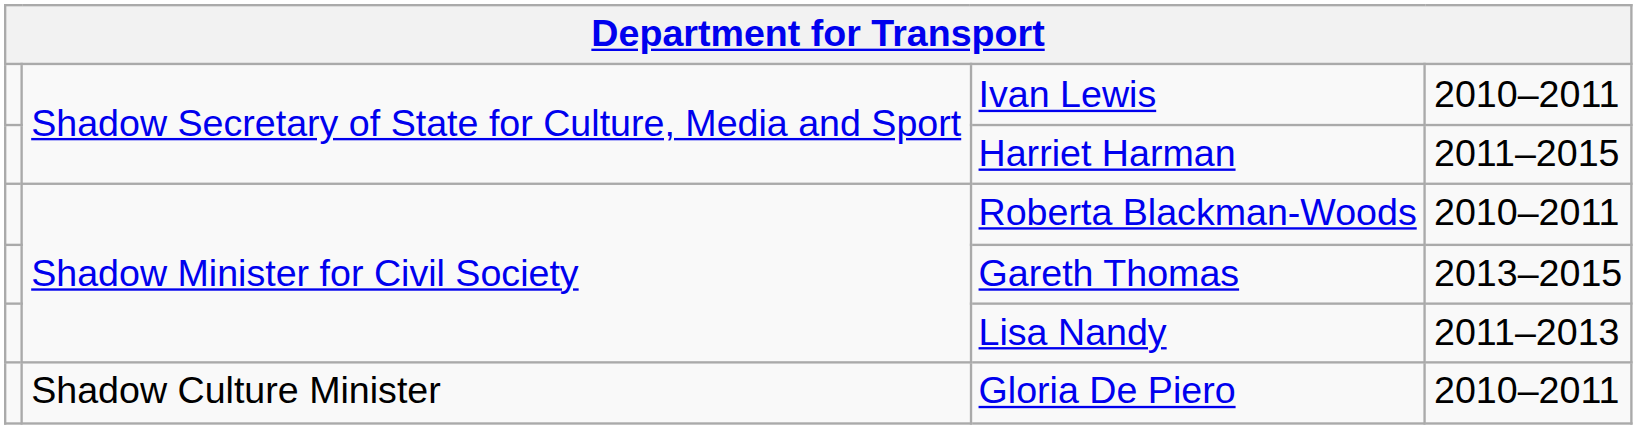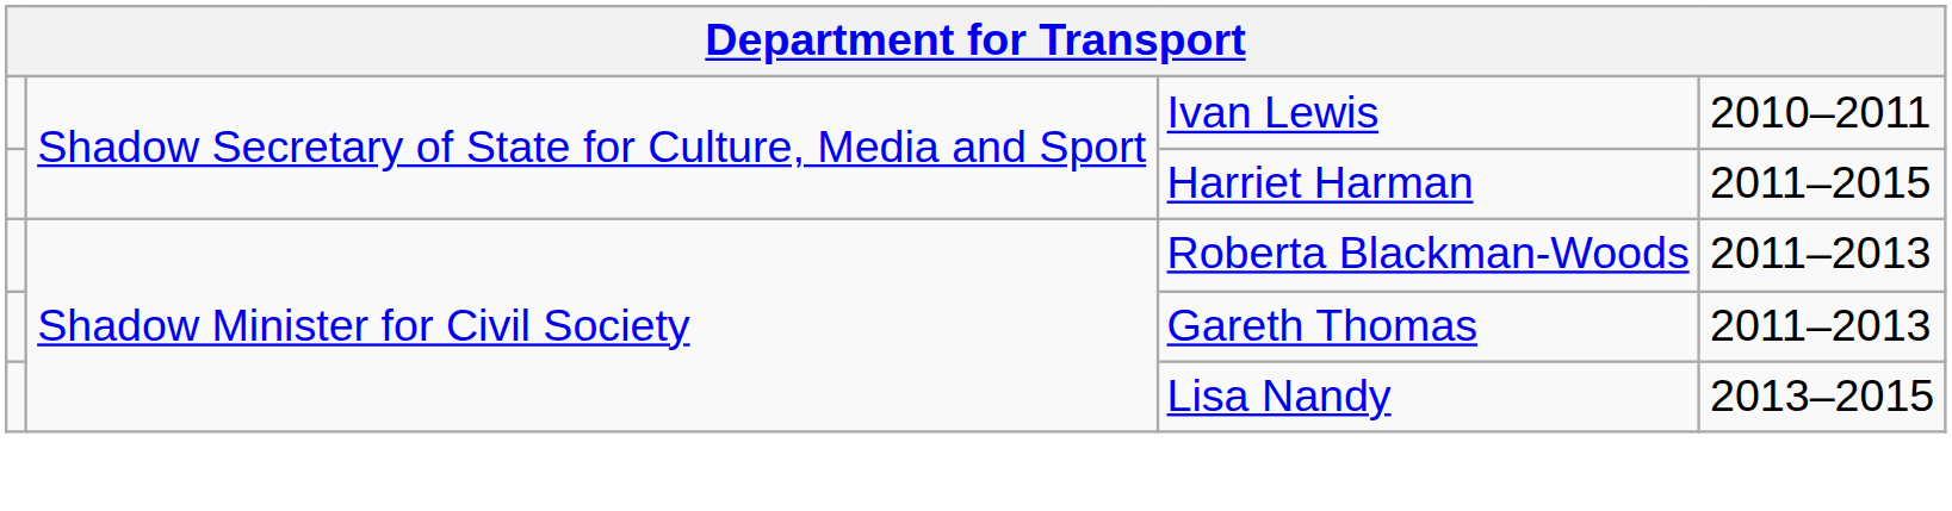 <table class="wikitable">
 <tr>
 <th colspan="4"><a href='#'>Department for Transport</a></th>
 </tr>
 <tr>
 <td style="background: "></td>
 <td rowspan="2"><a href='#'>Shadow Secretary of State for Culture, Media and Sport</a></td>
 <td><a href='#'>Ivan Lewis</a></td>
 <td>2010–2011</td>
 </tr>
 <tr>
 <td style="background: "></td>
 <td><a href='#'>Harriet Harman</a></td>
 <td>2011–2015</td>
 </tr>
 <tr>
 <td style="background: "></td>
 <td rowspan="3"><a href='#'>Shadow Minister for Civil Society</a></td>
 <td><a href='#'>Roberta Blackman-Woods</a></td>
-<td>2010–2011</td>
+<td>2011–2013</td>
 </tr>
 <tr>
 <td style="background: "></td>
 <td><a href='#'>Gareth Thomas</a></td>
-<td>2013–2015</td>
+<td>2011–2013</td>
 </tr>
 <tr>
 <td style="background: "></td>
 <td><a href='#'>Lisa Nandy</a></td>
-<td>2011–2013</td>
-</tr>
-<tr>
-<td style="background: "></td>
-<td rowspan="1">Shadow Culture Minister</td>
-<td><a href='#'>Gloria De Piero</a></td>
-<td>2010–2011</td>
+<td>2013–2015</td>
 </tr>
 </table>
